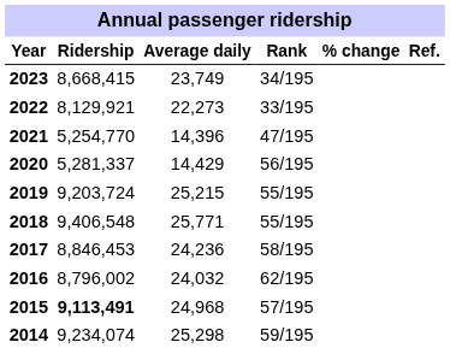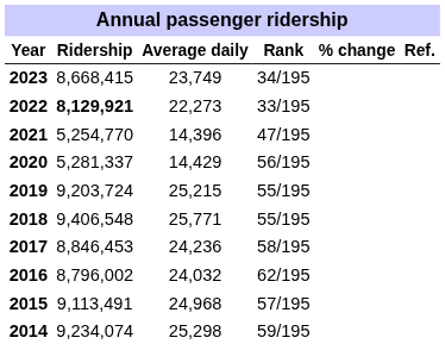 <table class="toccolours" cellpadding="4" cellspacing="0" style="text-align:right;">
 <tr>
 <th colspan="6"  style="background-color:#ccf; background-color:#ccf; font-size:110%; text-align:center;">Annual passenger ridership</th>
 </tr>
 <tr style="font-size:95%; text-align:center">
 <th style="border-bottom:1px solid black">Year</th>
 <th style="border-bottom:1px solid black">Ridership</th>
 <th style="border-bottom:1px solid black">Average daily</th>
 <th style="border-bottom:1px solid black">Rank</th>
 <th style="border-bottom:1px solid black">% change</th>
 <th style="border-bottom:1px solid black">Ref.</th>
 </tr>
 <tr style="text-align:center;">
 <td><strong>2023</strong></td>
 <td>8,668,415</td>
 <td>23,749</td>
 <td>34/195</td>
 <td></td>
 <td></td>
 </tr>
 <tr style="text-align:center;">
 <td><strong>2022</strong></td>
-<td>8,129,921</td>
+<td><strong>8,129,921</strong></td>
 <td>22,273</td>
 <td>33/195</td>
 <td></td>
 <td></td>
 </tr>
 <tr style="text-align:center;">
 <td><strong>2021</strong></td>
 <td>5,254,770</td>
 <td>14,396</td>
 <td>47/195</td>
 <td></td>
 <td></td>
 </tr>
 <tr style="text-align:center;">
 <td><strong>2020</strong></td>
 <td>5,281,337</td>
 <td>14,429</td>
 <td>56/195</td>
 <td></td>
 <td></td>
 </tr>
 <tr style="text-align:center;">
 <td><strong>2019</strong></td>
 <td>9,203,724</td>
 <td>25,215</td>
 <td>55/195</td>
 <td></td>
 <td></td>
 </tr>
 <tr style="text-align:center;">
 <td><strong>2018</strong></td>
 <td>9,406,548</td>
 <td>25,771</td>
 <td>55/195</td>
 <td></td>
 <td></td>
 </tr>
 <tr style="text-align:center;">
 <td><strong>2017</strong></td>
 <td>8,846,453</td>
 <td>24,236</td>
 <td>58/195</td>
 <td></td>
 <td></td>
 </tr>
 <tr style="text-align:center;">
 <td><strong>2016</strong></td>
 <td>8,796,002</td>
 <td>24,032</td>
 <td>62/195</td>
 <td></td>
 <td></td>
 </tr>
 <tr style="text-align:center;">
 <td><strong>2015</strong></td>
-<td><strong>9,113,491</strong></td>
+<td>9,113,491</td>
 <td>24,968</td>
 <td>57/195</td>
 <td></td>
 <td></td>
 </tr>
 <tr style="text-align:center;">
 <td><strong>2014</strong></td>
 <td>9,234,074</td>
 <td>25,298</td>
 <td>59/195</td>
 <td></td>
 <td></td>
 </tr>
 </table>
